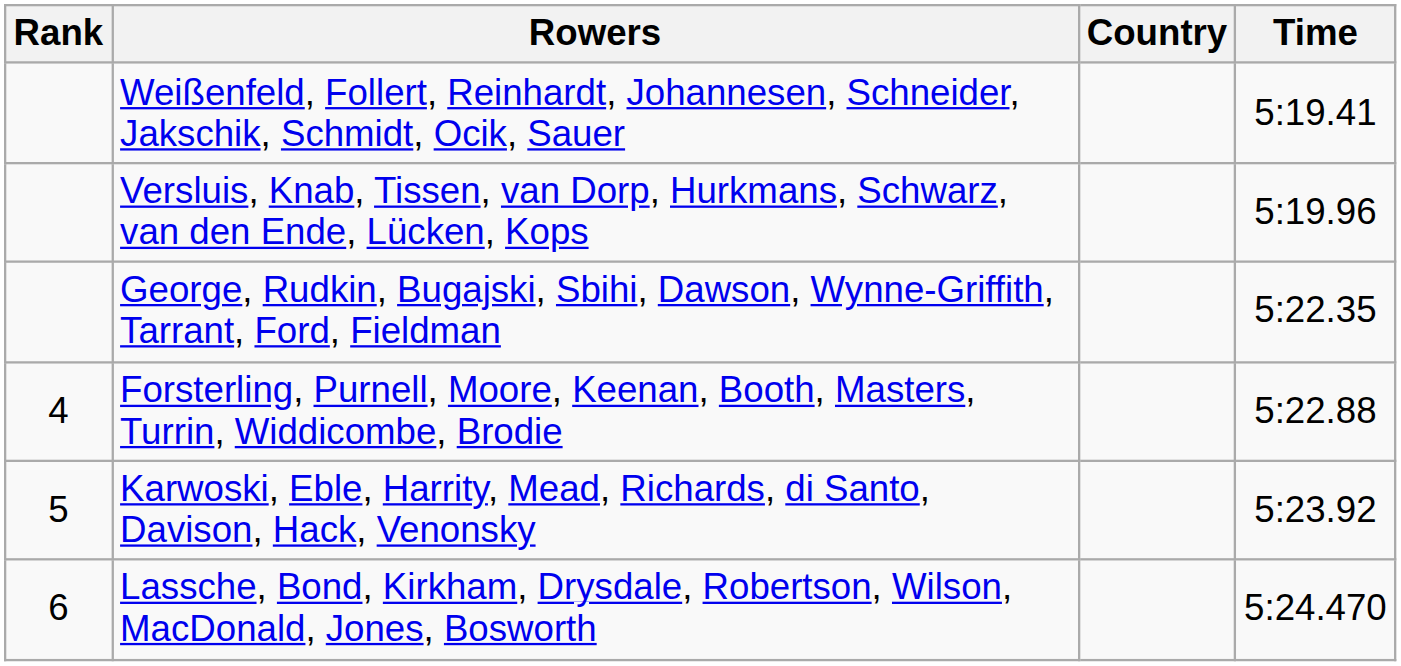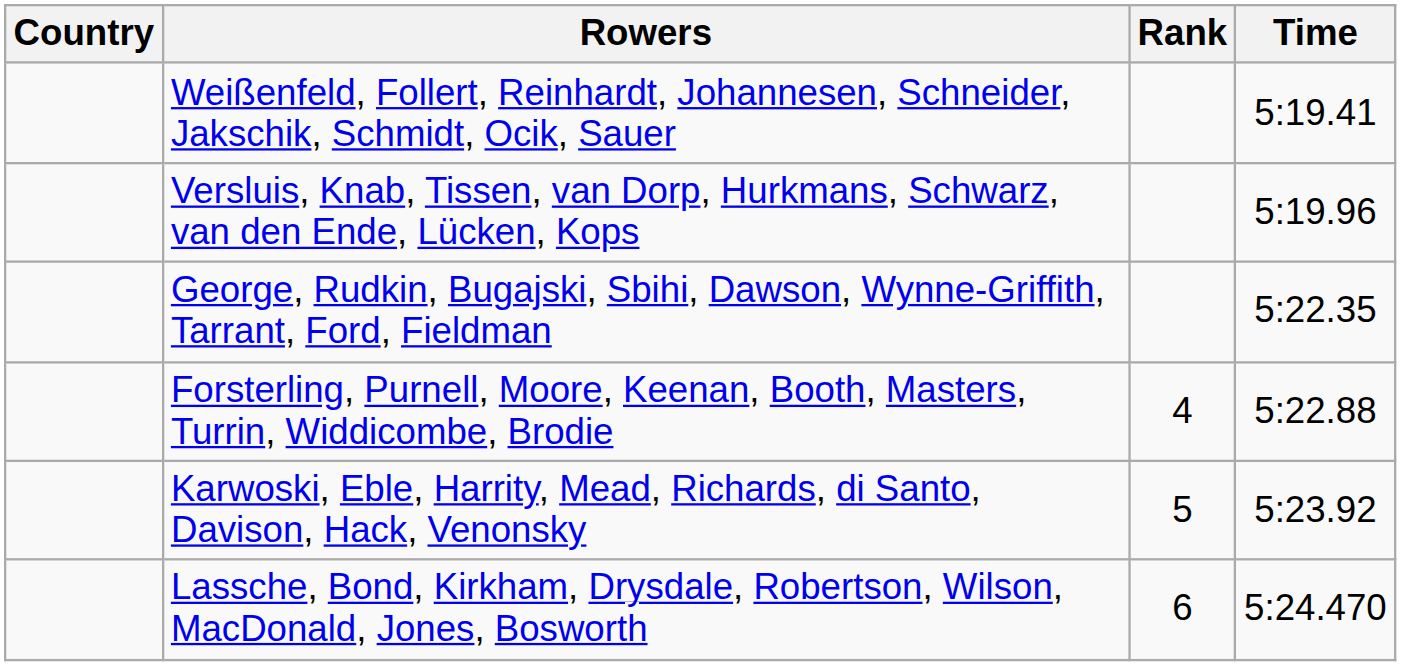 <table class="wikitable" style="text-align:center">
 <tr>
+<th>Country</th>
+<th>Rowers</th>
 <th>Rank</th>
-<th>Rowers</th>
-<th>Country</th>
 <th>Time</th>
 </tr>
 <tr>
+<td align="left"></td>
+<td align="left"><a href='#'>Weißenfeld</a>, <a href='#'>Follert</a>, <a href='#'>Reinhardt</a>, <a href='#'>Johannesen</a>, <a href='#'>Schneider</a>, <a href='#'>Jakschik</a>, <a href='#'>Schmidt</a>, <a href='#'>Ocik</a>, <a href='#'>Sauer</a></td>
 <td></td>
-<td align="left"><a href='#'>Weißenfeld</a>, <a href='#'>Follert</a>, <a href='#'>Reinhardt</a>, <a href='#'>Johannesen</a>, <a href='#'>Schneider</a>, <a href='#'>Jakschik</a>, <a href='#'>Schmidt</a>, <a href='#'>Ocik</a>, <a href='#'>Sauer</a></td>
-<td align="left"></td>
 <td>5:19.41</td>
 </tr>
 <tr>
+<td align="left"></td>
+<td align="left"><a href='#'>Versluis</a>, <a href='#'>Knab</a>, <a href='#'>Tissen</a>, <a href='#'>van Dorp</a>, <a href='#'>Hurkmans</a>, <a href='#'>Schwarz</a>, <a href='#'>van den Ende</a>, <a href='#'>Lücken</a>, <a href='#'>Kops</a></td>
 <td></td>
-<td align="left"><a href='#'>Versluis</a>, <a href='#'>Knab</a>, <a href='#'>Tissen</a>, <a href='#'>van Dorp</a>, <a href='#'>Hurkmans</a>, <a href='#'>Schwarz</a>, <a href='#'>van den Ende</a>, <a href='#'>Lücken</a>, <a href='#'>Kops</a></td>
-<td align="left"></td>
 <td>5:19.96</td>
 </tr>
 <tr>
+<td align="left"></td>
+<td align="left"><a href='#'>George</a>, <a href='#'>Rudkin</a>, <a href='#'>Bugajski</a>, <a href='#'>Sbihi</a>, <a href='#'>Dawson</a>, <a href='#'>Wynne-Griffith</a>, <a href='#'>Tarrant</a>, <a href='#'>Ford</a>, <a href='#'>Fieldman</a></td>
 <td></td>
-<td align="left"><a href='#'>George</a>, <a href='#'>Rudkin</a>, <a href='#'>Bugajski</a>, <a href='#'>Sbihi</a>, <a href='#'>Dawson</a>, <a href='#'>Wynne-Griffith</a>, <a href='#'>Tarrant</a>, <a href='#'>Ford</a>, <a href='#'>Fieldman</a></td>
-<td align="left"></td>
 <td>5:22.35</td>
 </tr>
 <tr>
+<td align="left"></td>
+<td align="left"><a href='#'>Forsterling</a>, <a href='#'>Purnell</a>, <a href='#'>Moore</a>, <a href='#'>Keenan</a>, <a href='#'>Booth</a>, <a href='#'>Masters</a>, <a href='#'>Turrin</a>, <a href='#'>Widdicombe</a>, <a href='#'>Brodie</a></td>
 <td>4</td>
-<td align="left"><a href='#'>Forsterling</a>, <a href='#'>Purnell</a>, <a href='#'>Moore</a>, <a href='#'>Keenan</a>, <a href='#'>Booth</a>, <a href='#'>Masters</a>, <a href='#'>Turrin</a>, <a href='#'>Widdicombe</a>, <a href='#'>Brodie</a></td>
-<td align="left"></td>
 <td>5:22.88</td>
 </tr>
 <tr>
+<td align="left"></td>
+<td align="left"><a href='#'>Karwoski</a>, <a href='#'>Eble</a>, <a href='#'>Harrity</a>, <a href='#'>Mead</a>, <a href='#'>Richards</a>, <a href='#'>di Santo</a>, <a href='#'>Davison</a>, <a href='#'>Hack</a>, <a href='#'>Venonsky</a></td>
 <td>5</td>
-<td align="left"><a href='#'>Karwoski</a>, <a href='#'>Eble</a>, <a href='#'>Harrity</a>, <a href='#'>Mead</a>, <a href='#'>Richards</a>, <a href='#'>di Santo</a>, <a href='#'>Davison</a>, <a href='#'>Hack</a>, <a href='#'>Venonsky</a></td>
-<td align="left"></td>
 <td>5:23.92</td>
 </tr>
 <tr>
+<td align="left"></td>
+<td align="left"><a href='#'>Lassche</a>, <a href='#'>Bond</a>, <a href='#'>Kirkham</a>, <a href='#'>Drysdale</a>, <a href='#'>Robertson</a>, <a href='#'>Wilson</a>, <a href='#'>MacDonald</a>, <a href='#'>Jones</a>, <a href='#'>Bosworth</a></td>
 <td>6</td>
-<td align="left"><a href='#'>Lassche</a>, <a href='#'>Bond</a>, <a href='#'>Kirkham</a>, <a href='#'>Drysdale</a>, <a href='#'>Robertson</a>, <a href='#'>Wilson</a>, <a href='#'>MacDonald</a>, <a href='#'>Jones</a>, <a href='#'>Bosworth</a></td>
-<td align="left"></td>
 <td>5:24.470</td>
 </tr>
 </table>
